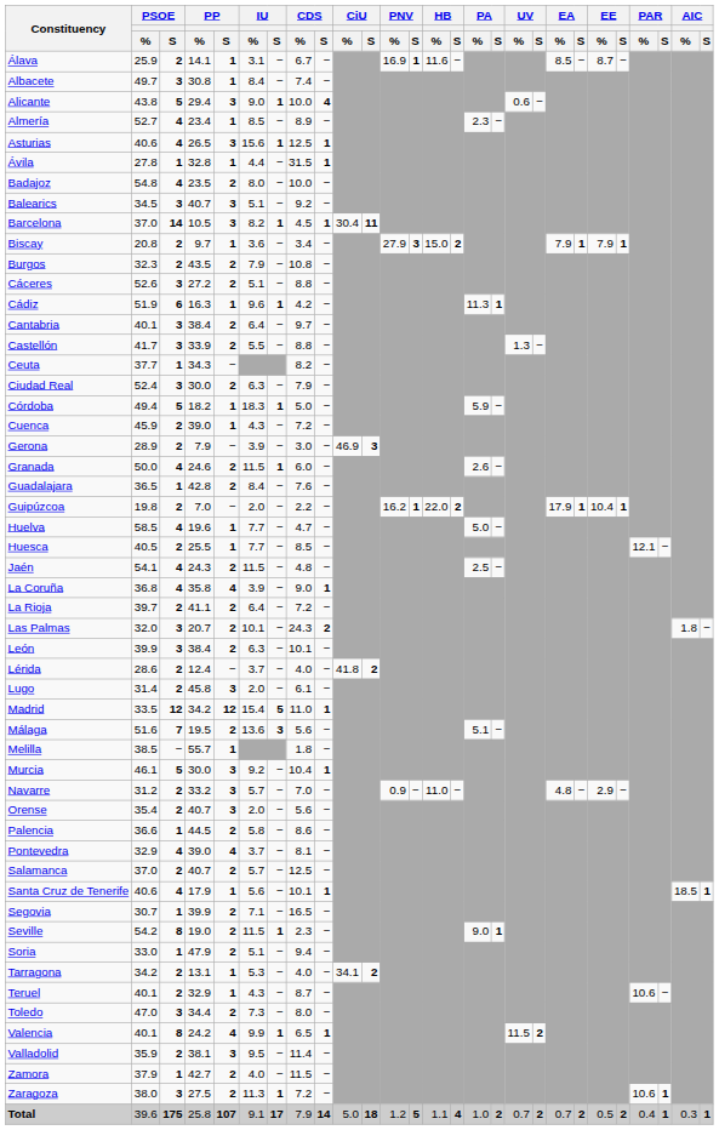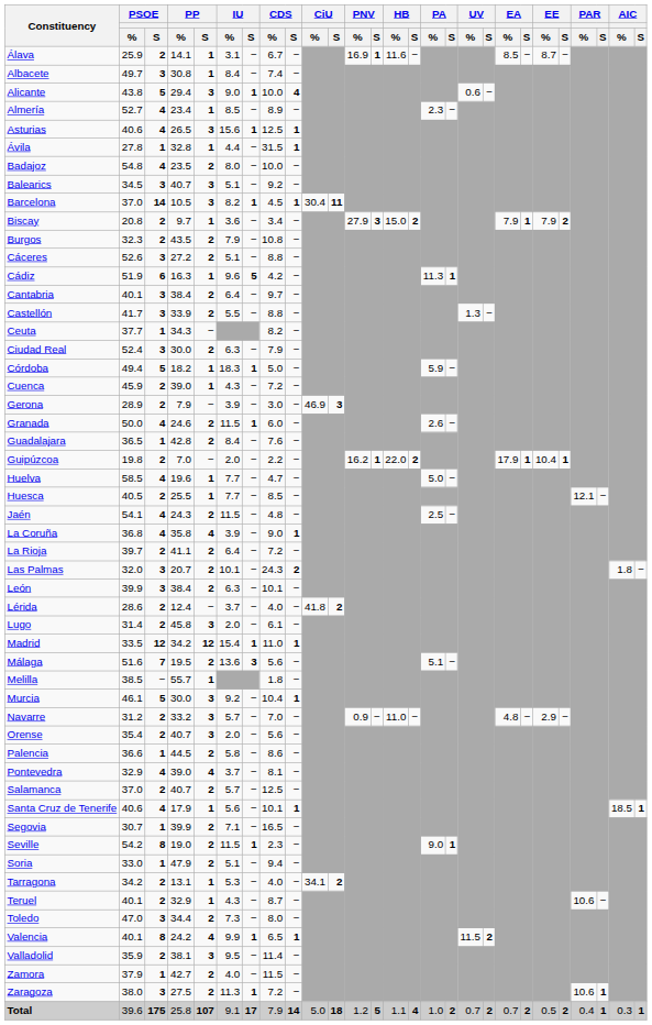 <table class="wikitable sortable" style="text-align:right; line-height:20px;">
 <tr>
 <th rowspan="3">Constituency</th>
 <th colspan="2" width="30px" class="unsortable"><a href='#'>PSOE</a></th>
 <th colspan="2" width="30px" class="unsortable"><a href='#'>PP</a></th>
 <th colspan="2" width="30px" class="unsortable"><a href='#'>IU</a></th>
 <th colspan="2" width="30px" class="unsortable"><a href='#'>CDS</a></th>
 <th colspan="2" width="30px" class="unsortable"><a href='#'>CiU</a></th>
 <th colspan="2" width="30px" class="unsortable"><a href='#'>PNV</a></th>
 <th colspan="2" width="30px" class="unsortable"><a href='#'>HB</a></th>
 <th colspan="2" width="30px" class="unsortable"><a href='#'>PA</a></th>
 <th colspan="2" width="30px" class="unsortable"><a href='#'>UV</a></th>
 <th colspan="2" width="30px" class="unsortable"><a href='#'>EA</a></th>
 <th colspan="2" width="30px" class="unsortable"><a href='#'>EE</a></th>
 <th colspan="2" width="30px" class="unsortable"><a href='#'>PAR</a></th>
 <th colspan="2" width="30px" class="unsortable"><a href='#'>AIC</a></th>
 </tr>
 <tr>
 <th colspan="2" style="background:"></th>
 <th colspan="2" style="background:"></th>
 <th colspan="2" style="background:"></th>
 <th colspan="2" style="background:"></th>
 <th colspan="2" style="background:"></th>
 <th colspan="2" style="background:"></th>
 <th colspan="2" style="background:"></th>
 <th colspan="2" style="background:"></th>
 <th colspan="2" style="background:"></th>
 <th colspan="2" style="background:"></th>
 <th colspan="2" style="background:"></th>
 <th colspan="2" style="background:"></th>
 <th colspan="2" style="background:"></th>
 </tr>
 <tr>
 <th data-sort-type="number">%</th>
 <th data-sort-type="number">S</th>
 <th data-sort-type="number">%</th>
 <th data-sort-type="number">S</th>
 <th data-sort-type="number">%</th>
 <th data-sort-type="number">S</th>
 <th data-sort-type="number">%</th>
 <th data-sort-type="number">S</th>
 <th data-sort-type="number">%</th>
 <th data-sort-type="number">S</th>
 <th data-sort-type="number">%</th>
 <th data-sort-type="number">S</th>
 <th data-sort-type="number">%</th>
 <th data-sort-type="number">S</th>
 <th data-sort-type="number">%</th>
 <th data-sort-type="number">S</th>
 <th data-sort-type="number">%</th>
 <th data-sort-type="number">S</th>
 <th data-sort-type="number">%</th>
 <th data-sort-type="number">S</th>
 <th data-sort-type="number">%</th>
 <th data-sort-type="number">S</th>
 <th data-sort-type="number">%</th>
 <th data-sort-type="number">S</th>
 <th data-sort-type="number">%</th>
 <th data-sort-type="number">S</th>
 </tr>
 <tr>
 <td align="left"><a href='#'>Álava</a></td>
 <td style="background:">25.9</td>
 <td><strong>2</strong></td>
 <td>14.1</td>
 <td><strong>1</strong></td>
 <td>3.1</td>
 <td>−</td>
 <td>6.7</td>
 <td>−</td>
 <td colspan="2" rowspan="8" bgcolor="#AAAAAA"></td>
 <td>16.9</td>
 <td><strong>1</strong></td>
 <td>11.6</td>
 <td>−</td>
 <td colspan="2" rowspan="3" bgcolor="#AAAAAA"></td>
 <td colspan="2" rowspan="2" bgcolor="#AAAAAA"></td>
 <td>8.5</td>
 <td>−</td>
 <td>8.7</td>
 <td>−</td>
 <td colspan="2" rowspan="24" bgcolor="#AAAAAA"></td>
 <td colspan="2" rowspan="28" bgcolor="#AAAAAA"></td>
 </tr>
 <tr>
 <td align="left"><a href='#'>Albacete</a></td>
 <td style="background:">49.7</td>
 <td><strong>3</strong></td>
 <td>30.8</td>
 <td><strong>1</strong></td>
 <td>8.4</td>
 <td>−</td>
 <td>7.4</td>
 <td>−</td>
 <td colspan="2" rowspan="8" bgcolor="#AAAAAA"></td>
 <td colspan="2" rowspan="8" bgcolor="#AAAAAA"></td>
 <td colspan="2" rowspan="8" bgcolor="#AAAAAA"></td>
 <td colspan="2" rowspan="8" bgcolor="#AAAAAA"></td>
 </tr>
 <tr>
 <td align="left"><a href='#'>Alicante</a></td>
 <td style="background:">43.8</td>
 <td><strong>5</strong></td>
 <td>29.4</td>
 <td><strong>3</strong></td>
 <td>9.0</td>
 <td><strong>1</strong></td>
 <td>10.0</td>
 <td><strong>4</strong></td>
 <td>0.6</td>
 <td>−</td>
 </tr>
 <tr>
 <td align="left"><a href='#'>Almería</a></td>
 <td style="background:">52.7</td>
 <td><strong>4</strong></td>
 <td>23.4</td>
 <td><strong>1</strong></td>
 <td>8.5</td>
 <td>−</td>
 <td>8.9</td>
 <td>−</td>
 <td>2.3</td>
 <td>−</td>
 <td colspan="2" rowspan="11" bgcolor="#AAAAAA"></td>
 </tr>
 <tr>
 <td align="left"><a href='#'>Asturias</a></td>
 <td style="background:">40.6</td>
 <td><strong>4</strong></td>
 <td>26.5</td>
 <td><strong>3</strong></td>
 <td>15.6</td>
 <td><strong>1</strong></td>
 <td>12.5</td>
 <td><strong>1</strong></td>
 <td colspan="2" rowspan="8" bgcolor="#AAAAAA"></td>
 </tr>
 <tr>
 <td align="left"><a href='#'>Ávila</a></td>
 <td>27.8</td>
 <td><strong>1</strong></td>
 <td style="background:">32.8</td>
 <td><strong>1</strong></td>
 <td>4.4</td>
 <td>−</td>
 <td>31.5</td>
 <td><strong>1</strong></td>
 </tr>
 <tr>
 <td align="left"><a href='#'>Badajoz</a></td>
 <td style="background:">54.8</td>
 <td><strong>4</strong></td>
 <td>23.5</td>
 <td><strong>2</strong></td>
 <td>8.0</td>
 <td>−</td>
 <td>10.0</td>
 <td>−</td>
 </tr>
 <tr>
 <td align="left"><a href='#'>Balearics</a></td>
 <td>34.5</td>
 <td><strong>3</strong></td>
 <td style="background:">40.7</td>
 <td><strong>3</strong></td>
 <td>5.1</td>
 <td>−</td>
 <td>9.2</td>
 <td>−</td>
 </tr>
 <tr>
 <td align="left"><a href='#'>Barcelona</a></td>
 <td style="background:">37.0</td>
 <td><strong>14</strong></td>
 <td>10.5</td>
 <td><strong>3</strong></td>
 <td>8.2</td>
 <td><strong>1</strong></td>
 <td>4.5</td>
 <td><strong>1</strong></td>
 <td>30.4</td>
 <td><strong>11</strong></td>
 </tr>
 <tr>
 <td align="left"><a href='#'>Biscay</a></td>
 <td>20.8</td>
 <td><strong>2</strong></td>
 <td>9.7</td>
 <td><strong>1</strong></td>
 <td>3.6</td>
 <td>−</td>
 <td>3.4</td>
 <td>−</td>
 <td colspan="2" rowspan="10" bgcolor="#AAAAAA"></td>
 <td style="background:">27.9</td>
 <td><strong>3</strong></td>
 <td>15.0</td>
 <td><strong>2</strong></td>
 <td>7.9</td>
 <td><strong>1</strong></td>
 <td>7.9</td>
-<td><strong>1</strong></td>
+<td><strong>2</strong></td>
 </tr>
 <tr>
 <td align="left"><a href='#'>Burgos</a></td>
 <td>32.3</td>
 <td><strong>2</strong></td>
 <td style="background:">43.5</td>
 <td><strong>2</strong></td>
 <td>7.9</td>
 <td>−</td>
 <td>10.8</td>
 <td>−</td>
 <td colspan="2" rowspan="12" bgcolor="#AAAAAA"></td>
 <td colspan="2" rowspan="12" bgcolor="#AAAAAA"></td>
 <td colspan="2" rowspan="12" bgcolor="#AAAAAA"></td>
 <td colspan="2" rowspan="12" bgcolor="#AAAAAA"></td>
 </tr>
 <tr>
 <td align="left"><a href='#'>Cáceres</a></td>
 <td style="background:">52.6</td>
 <td><strong>3</strong></td>
 <td>27.2</td>
 <td><strong>2</strong></td>
 <td>5.1</td>
 <td>−</td>
 <td>8.8</td>
 <td>−</td>
 </tr>
 <tr>
 <td align="left"><a href='#'>Cádiz</a></td>
 <td style="background:">51.9</td>
 <td><strong>6</strong></td>
 <td>16.3</td>
 <td><strong>1</strong></td>
 <td>9.6</td>
-<td><strong>1</strong></td>
+<td><strong>5</strong></td>
 <td>4.2</td>
 <td>−</td>
 <td>11.3</td>
 <td><strong>1</strong></td>
 </tr>
 <tr>
 <td align="left"><a href='#'>Cantabria</a></td>
 <td style="background:">40.1</td>
 <td><strong>3</strong></td>
 <td>38.4</td>
 <td><strong>2</strong></td>
 <td>6.4</td>
 <td>−</td>
 <td>9.7</td>
 <td>−</td>
 <td colspan="2" rowspan="4" bgcolor="#AAAAAA"></td>
 </tr>
 <tr>
 <td align="left"><a href='#'>Castellón</a></td>
 <td style="background:">41.7</td>
 <td><strong>3</strong></td>
 <td>33.9</td>
 <td><strong>2</strong></td>
 <td>5.5</td>
 <td>−</td>
 <td>8.8</td>
 <td>−</td>
 <td>1.3</td>
 <td>−</td>
 </tr>
 <tr>
 <td align="left"><a href='#'>Ceuta</a></td>
 <td style="background:">37.7</td>
 <td><strong>1</strong></td>
 <td>34.3</td>
 <td>−</td>
 <td colspan="2" bgcolor="#AAAAAA"></td>
 <td>8.2</td>
 <td>−</td>
 <td colspan="2" rowspan="33" bgcolor="#AAAAAA"></td>
 </tr>
 <tr>
 <td align="left"><a href='#'>Ciudad Real</a></td>
 <td style="background:">52.4</td>
 <td><strong>3</strong></td>
 <td>30.0</td>
 <td><strong>2</strong></td>
 <td>6.3</td>
 <td>−</td>
 <td>7.9</td>
 <td>−</td>
 </tr>
 <tr>
 <td align="left"><a href='#'>Córdoba</a></td>
 <td style="background:">49.4</td>
 <td><strong>5</strong></td>
 <td>18.2</td>
 <td><strong>1</strong></td>
 <td>18.3</td>
 <td><strong>1</strong></td>
 <td>5.0</td>
 <td>−</td>
 <td>5.9</td>
 <td>−</td>
 </tr>
 <tr>
 <td align="left"><a href='#'>Cuenca</a></td>
 <td style="background:">45.9</td>
 <td><strong>2</strong></td>
 <td>39.0</td>
 <td><strong>1</strong></td>
 <td>4.3</td>
 <td>−</td>
 <td>7.2</td>
 <td>−</td>
 <td colspan="2" rowspan="2" bgcolor="#AAAAAA"></td>
 </tr>
 <tr>
 <td align="left"><a href='#'>Gerona</a></td>
 <td>28.9</td>
 <td><strong>2</strong></td>
 <td>7.9</td>
 <td>−</td>
 <td>3.9</td>
 <td>−</td>
 <td>3.0</td>
 <td>−</td>
 <td style="background:">46.9</td>
 <td><strong>3</strong></td>
 </tr>
 <tr>
 <td align="left"><a href='#'>Granada</a></td>
 <td style="background:">50.0</td>
 <td><strong>4</strong></td>
 <td>24.6</td>
 <td><strong>2</strong></td>
 <td>11.5</td>
 <td><strong>1</strong></td>
 <td>6.0</td>
 <td>−</td>
 <td colspan="2" rowspan="10" bgcolor="#AAAAAA"></td>
 <td>2.6</td>
 <td>−</td>
 </tr>
 <tr>
 <td align="left"><a href='#'>Guadalajara</a></td>
 <td>36.5</td>
 <td><strong>1</strong></td>
 <td style="background:">42.8</td>
 <td><strong>2</strong></td>
 <td>8.4</td>
 <td>−</td>
 <td>7.6</td>
 <td>−</td>
 <td colspan="2" rowspan="2" bgcolor="#AAAAAA"></td>
 </tr>
 <tr>
 <td align="left"><a href='#'>Guipúzcoa</a></td>
 <td>19.8</td>
 <td><strong>2</strong></td>
 <td>7.0</td>
 <td>−</td>
 <td>2.0</td>
 <td>−</td>
 <td>2.2</td>
 <td>−</td>
 <td>16.2</td>
 <td><strong>1</strong></td>
 <td style="background:">22.0</td>
 <td><strong>2</strong></td>
 <td>17.9</td>
 <td><strong>1</strong></td>
 <td>10.4</td>
 <td><strong>1</strong></td>
 </tr>
 <tr>
 <td align="left"><a href='#'>Huelva</a></td>
 <td style="background:">58.5</td>
 <td><strong>4</strong></td>
 <td>19.6</td>
 <td><strong>1</strong></td>
 <td>7.7</td>
 <td>−</td>
 <td>4.7</td>
 <td>−</td>
 <td colspan="2" rowspan="13" bgcolor="#AAAAAA"></td>
 <td colspan="2" rowspan="13" bgcolor="#AAAAAA"></td>
 <td>5.0</td>
 <td>−</td>
 <td colspan="2" rowspan="13" bgcolor="#AAAAAA"></td>
 <td colspan="2" rowspan="13" bgcolor="#AAAAAA"></td>
 </tr>
 <tr>
 <td align="left"><a href='#'>Huesca</a></td>
 <td style="background:">40.5</td>
 <td><strong>2</strong></td>
 <td>25.5</td>
 <td><strong>1</strong></td>
 <td>7.7</td>
 <td>−</td>
 <td>8.5</td>
 <td>−</td>
 <td colspan="2" bgcolor="#AAAAAA"></td>
 <td>12.1</td>
 <td>−</td>
 </tr>
 <tr>
 <td align="left"><a href='#'>Jaén</a></td>
 <td style="background:">54.1</td>
 <td><strong>4</strong></td>
 <td>24.3</td>
 <td><strong>2</strong></td>
 <td>11.5</td>
 <td>−</td>
 <td>4.8</td>
 <td>−</td>
 <td>2.5</td>
 <td>−</td>
 <td colspan="2" rowspan="21" bgcolor="#AAAAAA"></td>
 </tr>
 <tr>
 <td align="left"><a href='#'>La Coruña</a></td>
 <td style="background:">36.8</td>
 <td><strong>4</strong></td>
 <td>35.8</td>
 <td><strong>4</strong></td>
 <td>3.9</td>
 <td>−</td>
 <td>9.0</td>
 <td><strong>1</strong></td>
 <td colspan="2" rowspan="7" bgcolor="#AAAAAA"></td>
 </tr>
 <tr>
 <td align="left"><a href='#'>La Rioja</a></td>
 <td>39.7</td>
 <td><strong>2</strong></td>
 <td style="background:">41.1</td>
 <td><strong>2</strong></td>
 <td>6.4</td>
 <td>−</td>
 <td>7.2</td>
 <td>−</td>
 </tr>
 <tr>
 <td align="left"><a href='#'>Las Palmas</a></td>
 <td style="background:">32.0</td>
 <td><strong>3</strong></td>
 <td>20.7</td>
 <td><strong>2</strong></td>
 <td>10.1</td>
 <td>−</td>
 <td>24.3</td>
 <td><strong>2</strong></td>
 <td>1.8</td>
 <td>−</td>
 </tr>
 <tr>
 <td align="left"><a href='#'>León</a></td>
 <td style="background:">39.9</td>
 <td><strong>3</strong></td>
 <td>38.4</td>
 <td><strong>2</strong></td>
 <td>6.3</td>
 <td>−</td>
 <td>10.1</td>
 <td>−</td>
 <td colspan="2" rowspan="12" bgcolor="#AAAAAA"></td>
 </tr>
 <tr>
 <td align="left"><a href='#'>Lérida</a></td>
 <td>28.6</td>
 <td><strong>2</strong></td>
 <td>12.4</td>
 <td>−</td>
 <td>3.7</td>
 <td>−</td>
 <td>4.0</td>
 <td>−</td>
 <td style="background:">41.8</td>
 <td><strong>2</strong></td>
 </tr>
 <tr>
 <td align="left"><a href='#'>Lugo</a></td>
 <td>31.4</td>
 <td><strong>2</strong></td>
 <td style="background:">45.8</td>
 <td><strong>3</strong></td>
 <td>2.0</td>
 <td>−</td>
 <td>6.1</td>
 <td>−</td>
 <td colspan="2" rowspan="14" bgcolor="#AAAAAA"></td>
 </tr>
 <tr>
 <td align="left"><a href='#'>Madrid</a></td>
 <td>33.5</td>
 <td><strong>12</strong></td>
 <td style="background:">34.2</td>
 <td><strong>12</strong></td>
 <td>15.4</td>
-<td><strong>5</strong></td>
+<td><strong>1</strong></td>
 <td>11.0</td>
 <td><strong>1</strong></td>
 </tr>
 <tr>
 <td align="left"><a href='#'>Málaga</a></td>
 <td style="background:">51.6</td>
 <td><strong>7</strong></td>
 <td>19.5</td>
 <td><strong>2</strong></td>
 <td>13.6</td>
 <td><strong>3</strong></td>
 <td>5.6</td>
 <td>−</td>
 <td>5.1</td>
 <td>−</td>
 </tr>
 <tr>
 <td align="left"><a href='#'>Melilla</a></td>
 <td>38.5</td>
 <td>−</td>
 <td style="background:">55.7</td>
 <td><strong>1</strong></td>
 <td colspan="2" bgcolor="#AAAAAA"></td>
 <td>1.8</td>
 <td>−</td>
 <td colspan="2" rowspan="9" bgcolor="#AAAAAA"></td>
 </tr>
 <tr>
 <td align="left"><a href='#'>Murcia</a></td>
 <td style="background:">46.1</td>
 <td><strong>5</strong></td>
 <td>30.0</td>
 <td><strong>3</strong></td>
 <td>9.2</td>
 <td>−</td>
 <td>10.4</td>
 <td><strong>1</strong></td>
 </tr>
 <tr>
 <td align="left"><a href='#'>Navarre</a></td>
 <td>31.2</td>
 <td><strong>2</strong></td>
 <td style="background:">33.2</td>
 <td><strong>3</strong></td>
 <td>5.7</td>
 <td>−</td>
 <td>7.0</td>
 <td>−</td>
 <td>0.9</td>
 <td>−</td>
 <td>11.0</td>
 <td>−</td>
 <td>4.8</td>
 <td>−</td>
 <td>2.9</td>
 <td>−</td>
 </tr>
 <tr>
 <td align="left"><a href='#'>Orense</a></td>
 <td>35.4</td>
 <td><strong>2</strong></td>
 <td style="background:">40.7</td>
 <td><strong>3</strong></td>
 <td>2.0</td>
 <td>−</td>
 <td>5.6</td>
 <td>−</td>
 <td colspan="2" rowspan="15" bgcolor="#AAAAAA"></td>
 <td colspan="2" rowspan="15" bgcolor="#AAAAAA"></td>
 <td colspan="2" rowspan="15" bgcolor="#AAAAAA"></td>
 <td colspan="2" rowspan="15" bgcolor="#AAAAAA"></td>
 </tr>
 <tr>
 <td align="left"><a href='#'>Palencia</a></td>
 <td>36.6</td>
 <td><strong>1</strong></td>
 <td style="background:">44.5</td>
 <td><strong>2</strong></td>
 <td>5.8</td>
 <td>−</td>
 <td>8.6</td>
 <td>−</td>
 </tr>
 <tr>
 <td align="left"><a href='#'>Pontevedra</a></td>
 <td>32.9</td>
 <td><strong>4</strong></td>
 <td style="background:">39.0</td>
 <td><strong>4</strong></td>
 <td>3.7</td>
 <td>−</td>
 <td>8.1</td>
 <td>−</td>
 </tr>
 <tr>
 <td align="left"><a href='#'>Salamanca</a></td>
 <td>37.0</td>
 <td><strong>2</strong></td>
 <td style="background:">40.7</td>
 <td><strong>2</strong></td>
 <td>5.7</td>
 <td>−</td>
 <td>12.5</td>
 <td>−</td>
 </tr>
 <tr>
 <td align="left"><a href='#'>Santa Cruz de Tenerife</a></td>
 <td style="background:">40.6</td>
 <td><strong>4</strong></td>
 <td>17.9</td>
 <td><strong>1</strong></td>
 <td>5.6</td>
 <td>−</td>
 <td>10.1</td>
 <td><strong>1</strong></td>
 <td>18.5</td>
 <td><strong>1</strong></td>
 </tr>
 <tr>
 <td align="left"><a href='#'>Segovia</a></td>
 <td>30.7</td>
 <td><strong>1</strong></td>
 <td style="background:">39.9</td>
 <td><strong>2</strong></td>
 <td>7.1</td>
 <td>−</td>
 <td>16.5</td>
 <td>−</td>
 <td colspan="2" rowspan="10" bgcolor="#AAAAAA"></td>
 </tr>
 <tr>
 <td align="left"><a href='#'>Seville</a></td>
 <td style="background:">54.2</td>
 <td><strong>8</strong></td>
 <td>19.0</td>
 <td><strong>2</strong></td>
 <td>11.5</td>
 <td><strong>1</strong></td>
 <td>2.3</td>
 <td>−</td>
 <td>9.0</td>
 <td><strong>1</strong></td>
 </tr>
 <tr>
 <td align="left"><a href='#'>Soria</a></td>
 <td>33.0</td>
 <td><strong>1</strong></td>
 <td style="background:">47.9</td>
 <td><strong>2</strong></td>
 <td>5.1</td>
 <td>−</td>
 <td>9.4</td>
 <td>−</td>
 <td colspan="2" rowspan="8" bgcolor="#AAAAAA"></td>
 </tr>
 <tr>
 <td align="left"><a href='#'>Tarragona</a></td>
 <td style="background:">34.2</td>
 <td><strong>2</strong></td>
 <td>13.1</td>
 <td><strong>1</strong></td>
 <td>5.3</td>
 <td>−</td>
 <td>4.0</td>
 <td>−</td>
 <td>34.1</td>
 <td><strong>2</strong></td>
 </tr>
 <tr>
 <td align="left"><a href='#'>Teruel</a></td>
 <td style="background:">40.1</td>
 <td><strong>2</strong></td>
 <td>32.9</td>
 <td><strong>1</strong></td>
 <td>4.3</td>
 <td>−</td>
 <td>8.7</td>
 <td>−</td>
 <td colspan="2" rowspan="6" bgcolor="#AAAAAA"></td>
 <td>10.6</td>
 <td>−</td>
 </tr>
 <tr>
 <td align="left"><a href='#'>Toledo</a></td>
 <td style="background:">47.0</td>
 <td><strong>3</strong></td>
 <td>34.4</td>
 <td><strong>2</strong></td>
 <td>7.3</td>
 <td>−</td>
 <td>8.0</td>
 <td>−</td>
 <td colspan="2" rowspan="4" bgcolor="#AAAAAA"></td>
 </tr>
 <tr>
 <td align="left"><a href='#'>Valencia</a></td>
 <td style="background:">40.1</td>
 <td><strong>8</strong></td>
 <td>24.2</td>
 <td><strong>4</strong></td>
 <td>9.9</td>
 <td><strong>1</strong></td>
 <td>6.5</td>
 <td><strong>1</strong></td>
 <td>11.5</td>
 <td><strong>2</strong></td>
 </tr>
 <tr>
 <td align="left"><a href='#'>Valladolid</a></td>
 <td>35.9</td>
 <td><strong>2</strong></td>
 <td style="background:">38.1</td>
 <td><strong>3</strong></td>
 <td>9.5</td>
 <td>−</td>
 <td>11.4</td>
 <td>−</td>
 <td colspan="2" rowspan="3" bgcolor="#AAAAAA"></td>
 </tr>
 <tr>
 <td align="left"><a href='#'>Zamora</a></td>
 <td>37.9</td>
 <td><strong>1</strong></td>
 <td style="background:">42.7</td>
 <td><strong>2</strong></td>
 <td>4.0</td>
 <td>−</td>
 <td>11.5</td>
 <td>−</td>
 </tr>
 <tr>
 <td align="left"><a href='#'>Zaragoza</a></td>
 <td style="background:">38.0</td>
 <td><strong>3</strong></td>
 <td>27.5</td>
 <td><strong>2</strong></td>
 <td>11.3</td>
 <td><strong>1</strong></td>
 <td>7.2</td>
 <td>−</td>
 <td>10.6</td>
 <td><strong>1</strong></td>
 </tr>
 <tr style="background:#CDCDCD;">
 <td align="left"><strong>Total</strong></td>
 <td style="background:">39.6</td>
 <td><strong>175</strong></td>
 <td>25.8</td>
 <td><strong>107</strong></td>
 <td>9.1</td>
 <td><strong>17</strong></td>
 <td>7.9</td>
 <td><strong>14</strong></td>
 <td>5.0</td>
 <td><strong>18</strong></td>
 <td>1.2</td>
 <td><strong>5</strong></td>
 <td>1.1</td>
 <td><strong>4</strong></td>
 <td>1.0</td>
 <td><strong>2</strong></td>
 <td>0.7</td>
 <td><strong>2</strong></td>
 <td>0.7</td>
 <td><strong>2</strong></td>
 <td>0.5</td>
 <td><strong>2</strong></td>
 <td>0.4</td>
 <td><strong>1</strong></td>
 <td>0.3</td>
 <td><strong>1</strong></td>
 </tr>
 </table>
